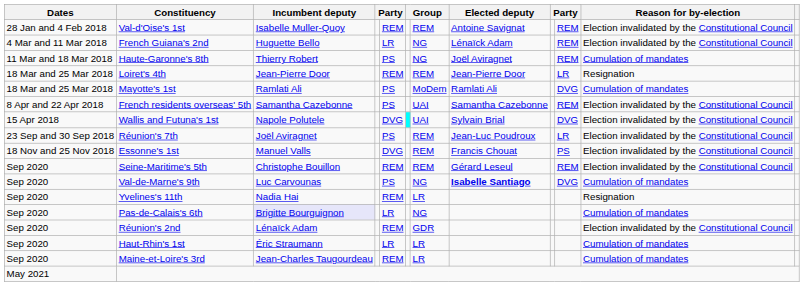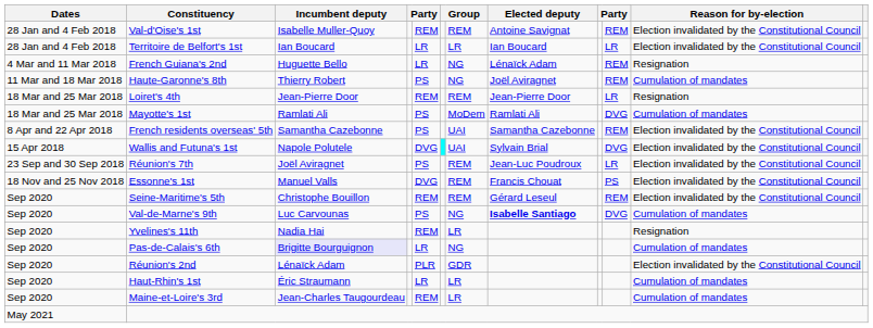 <table class="wikitable sortable" style="font-size:95%;">
 <tr>
 <th>Dates</th>
 <th>Constituency</th>
 <th>Incumbent deputy</th>
 <th colspan="2">Party</th>
 <th colspan="2">Group</th>
 <th>Elected deputy</th>
 <th colspan="2">Party</th>
 <th>Reason for by-election</th>
 <th class="unsortable"></th>
 </tr>
 <tr>
 <td data-sort-value="2018-01-28">28 Jan and 4 Feb 2018</td>
 <td data-sort-value="09501"><a href='#'>Val-d'Oise's 1st</a></td>
 <td data-sort-value="Muller-Quoy, Isabelle"><a href='#'>Isabelle Muller-Quoy</a></td>
 <td style="background:"></td>
 <td><a href='#'>REM</a></td>
 <td style="background:"></td>
 <td><a href='#'>REM</a></td>
 <td data-sort-value="Savignat, Antoine"><a href='#'>Antoine Savignat</a></td>
 <td style="background:"></td>
 <td><a href='#'>REM</a></td>
 <td>Election invalidated by the <a href='#'>Constitutional Council</a></td>
 <td></td>
 </tr>
 <tr>
+<td data-sort-value="2018-01-28">28 Jan and 4 Feb 2018</td>
+<td data-sort-value="09001"><a href='#'>Territoire de Belfort's 1st</a></td>
+<td data-sort-value="Boucard, Ian"><a href='#'>Ian Boucard</a></td>
+<td style="background:"></td>
+<td><a href='#'>LR</a></td>
+<td style="background:"></td>
+<td><a href='#'>LR</a></td>
+<td data-sort-value="Boucard, Ian"><a href='#'>Ian Boucard</a></td>
+<td style="background:"></td>
+<td><a href='#'>LR</a></td>
+<td>Election invalidated by the <a href='#'>Constitutional Council</a></td>
+<td></td>
+</tr>
+<tr>
 <td data-sort-value="2018-03-04">4 Mar and 11 Mar 2018</td>
 <td data-sort-value="97302"><a href='#'>French Guiana's 2nd</a></td>
 <td><a href='#'>Huguette Bello</a></td>
 <td style="background:"></td>
 <td><a href='#'>LR</a></td>
 <td style="background:"></td>
 <td><a href='#'>NG</a></td>
 <td data-sort-value="Adam, Lenaick"><a href='#'>Lénaïck Adam</a></td>
 <td style="background:"></td>
 <td><a href='#'>REM</a></td>
-<td>Election invalidated by the <a href='#'>Constitutional Council</a></td>
+<td>Resignation</td>
 <td></td>
 </tr>
 <tr>
 <td data-sort-value="2018-03-11">11 Mar and 18 Mar 2018</td>
 <td data-sort-value="03108"><a href='#'>Haute-Garonne's 8th</a></td>
 <td data-sort-value="Robert, Thierry"><a href='#'>Thierry Robert</a></td>
 <td style="background:"></td>
 <td><a href='#'>PS</a></td>
 <td style="background:"></td>
 <td><a href='#'>NG</a></td>
 <td data-sort-value="Aviragnet, Joel"><a href='#'>Joël Aviragnet</a></td>
 <td style="background:"></td>
 <td><a href='#'>REM</a></td>
 <td><a href='#'>Cumulation of mandates</a></td>
 <td></td>
 </tr>
 <tr>
 <td data-sort-value="2018-03-18">18 Mar and 25 Mar 2018</td>
 <td data-sort-value="04504"><a href='#'>Loiret's 4th</a></td>
 <td data-sort-value="Door, Jean-Pierre"><a href='#'>Jean-Pierre Door</a></td>
 <td style="background:"></td>
 <td><a href='#'>REM</a></td>
 <td style="background:"></td>
 <td><a href='#'>REM</a></td>
 <td data-sort-value="Door, Jean-Pierre"><a href='#'>Jean-Pierre Door</a></td>
 <td style="background:"></td>
 <td><a href='#'>LR</a></td>
 <td>Resignation</td>
 <td></td>
 </tr>
 <tr>
 <td data-sort-value="2018-03-18">18 Mar and 25 Mar 2018</td>
 <td data-sort-value="97601"><a href='#'>Mayotte's 1st</a></td>
 <td data-sort-value="Ali, Ramlati"><a href='#'>Ramlati Ali</a></td>
 <td style="background:"></td>
 <td><a href='#'>PS</a></td>
 <td style="background:"></td>
 <td><a href='#'>MoDem</a></td>
 <td data-sort-value="Ali, Ramlati"><a href='#'>Ramlati Ali</a></td>
 <td style="background:"></td>
 <td><a href='#'>DVG</a></td>
 <td><a href='#'>Cumulation of mandates</a></td>
 <td></td>
 </tr>
 <tr>
 <td data-sort-value="2018-04-08">8 Apr and 22 Apr 2018</td>
 <td data-sort-value="09905"><a href='#'>French residents overseas' 5th</a></td>
 <td data-sort-value="Cazebonne, Samantha"><a href='#'>Samantha Cazebonne</a></td>
 <td style="background:"></td>
 <td><a href='#'>PS</a></td>
 <td style="background:"></td>
 <td><a href='#'>UAI</a> </td>
 <td data-sort-value="Cazebonne, Samantha"><a href='#'>Samantha Cazebonne</a></td>
 <td style="background:"></td>
 <td><a href='#'>REM</a></td>
 <td>Election invalidated by the <a href='#'>Constitutional Council</a></td>
 <td></td>
 </tr>
 <tr>
 <td data-sort-value="2018-04-15">15 Apr 2018</td>
 <td data-sort-value="98601"><a href='#'>Wallis and Futuna's 1st</a></td>
 <td data-sort-value="Polutele, Napole"><a href='#'>Napole Polutele</a></td>
 <td style="background:"></td>
 <td><a href='#'>DVG</a></td>
 <td style="background:#00FFFF;"></td>
 <td><a href='#'>UAI</a> </td>
 <td data-sort-value="Brial, Sylvain"><a href='#'>Sylvain Brial</a></td>
 <td style="background:"></td>
 <td><a href='#'>DVG</a></td>
 <td>Election invalidated by the <a href='#'>Constitutional Council</a></td>
 <td></td>
 </tr>
 <tr>
 <td data-sort-value="2018-07-06">23 Sep and 30 Sep 2018</td>
 <td data-sort-value="98601"><a href='#'>Réunion's 7th</a></td>
 <td data-sort-value="Aviragnet, Joel"><a href='#'>Joël Aviragnet</a></td>
 <td style="background:"></td>
 <td><a href='#'>PS</a></td>
 <td style="background:"></td>
 <td><a href='#'>REM</a></td>
 <td data-sort-value="Poudroux, Jean-Luc"><a href='#'>Jean-Luc Poudroux</a></td>
 <td style="background:"></td>
 <td><a href='#'>LR</a></td>
 <td>Election invalidated by the <a href='#'>Constitutional Council</a></td>
 <td></td>
 </tr>
 <tr>
 <td data-sort-value="2018-07-06">18 Nov and 25 Nov 2018</td>
 <td data-sort-value="98601"><a href='#'>Essonne's 1st</a></td>
 <td data-sort-value="Valls, Manuel"><a href='#'>Manuel Valls</a></td>
 <td style="background:"></td>
 <td><a href='#'>DVG</a></td>
 <td style="background:"></td>
 <td><a href='#'>REM</a></td>
 <td><a href='#'>Francis Chouat</a></td>
 <td style="background:"></td>
 <td><a href='#'>PS</a></td>
 <td>Election invalidated by the <a href='#'>Constitutional Council</a></td>
 <td></td>
 </tr>
 <tr>
 <td>Sep 2020</td>
 <td><a href='#'>Seine-Maritime's 5th</a></td>
 <td><a href='#'>Christophe Bouillon</a></td>
 <td style="background:"></td>
 <td><a href='#'>REM</a></td>
 <td style="background:"></td>
 <td><a href='#'>REM</a></td>
 <td><a href='#'>Gérard Leseul</a></td>
 <td style="background:"></td>
 <td><a href='#'>REM</a></td>
 <td>Election invalidated by the <a href='#'>Constitutional Council</a></td>
 <td></td>
 </tr>
 <tr>
 <td>Sep 2020</td>
 <td><a href='#'>Val-de-Marne's 9th</a></td>
 <td><a href='#'>Luc Carvounas</a></td>
 <td style="background:"></td>
 <td><a href='#'>PS</a></td>
 <td style="background:"></td>
 <td><a href='#'>NG</a></td>
 <td><strong><a href='#'>Isabelle Santiago</a></strong></td>
 <td style="background:"></td>
 <td><a href='#'>DVG</a></td>
 <td><a href='#'>Cumulation of mandates</a></td>
 <td></td>
 </tr>
 <tr>
 <td>Sep 2020</td>
 <td><a href='#'>Yvelines's 11th</a></td>
 <td><a href='#'>Nadia Hai</a></td>
 <td style="background:"></td>
 <td><a href='#'>REM</a></td>
 <td style="background:"></td>
 <td><a href='#'>LR</a></td>
 <td></td>
 <td></td>
 <td></td>
 <td>Resignation</td>
 <td></td>
 </tr>
 <tr>
 <td>Sep 2020</td>
 <td><a href='#'>Pas-de-Calais's 6th</a></td>
 <td style="background: lavender;"><a href='#'>Brigitte Bourguignon</a></td>
 <td style="background:"></td>
 <td><a href='#'>LR</a></td>
 <td style="background:"></td>
 <td><a href='#'>NG</a></td>
 <td></td>
 <td></td>
 <td></td>
 <td><a href='#'>Cumulation of mandates</a></td>
 <td></td>
 </tr>
 <tr>
 <td>Sep 2020</td>
 <td><a href='#'>Réunion's 2nd</a></td>
 <td data-sort-value="Adam, Lenaick"><a href='#'>Lénaïck Adam</a></td>
 <td style="background:"></td>
-<td><a href='#'>REM</a></td>
+<td><a href='#'>PLR</a></td>
 <td style="background:"></td>
 <td><a href='#'>GDR</a></td>
 <td></td>
 <td></td>
 <td></td>
 <td>Election invalidated by the <a href='#'>Constitutional Council</a></td>
 <td></td>
 </tr>
 <tr>
 <td>Sep 2020</td>
 <td><a href='#'>Haut-Rhin's 1st</a></td>
 <td><a href='#'>Éric Straumann</a></td>
 <td style="background:"></td>
 <td><a href='#'>LR</a></td>
 <td style="background:"></td>
 <td><a href='#'>LR</a></td>
 <td></td>
 <td></td>
 <td></td>
 <td><a href='#'>Cumulation of mandates</a></td>
 <td></td>
 </tr>
 <tr>
 <td>Sep 2020</td>
 <td><a href='#'>Maine-et-Loire's 3rd</a></td>
 <td><a href='#'>Jean-Charles Taugourdeau</a></td>
 <td style="background:"></td>
 <td><a href='#'>REM</a></td>
 <td style="background:"></td>
 <td><a href='#'>LR</a></td>
 <td></td>
 <td></td>
 <td></td>
 <td><a href='#'>Cumulation of mandates</a></td>
 <td></td>
 </tr>
 <tr>
 <td>May 2021</td>
 </tr>
 </table>
